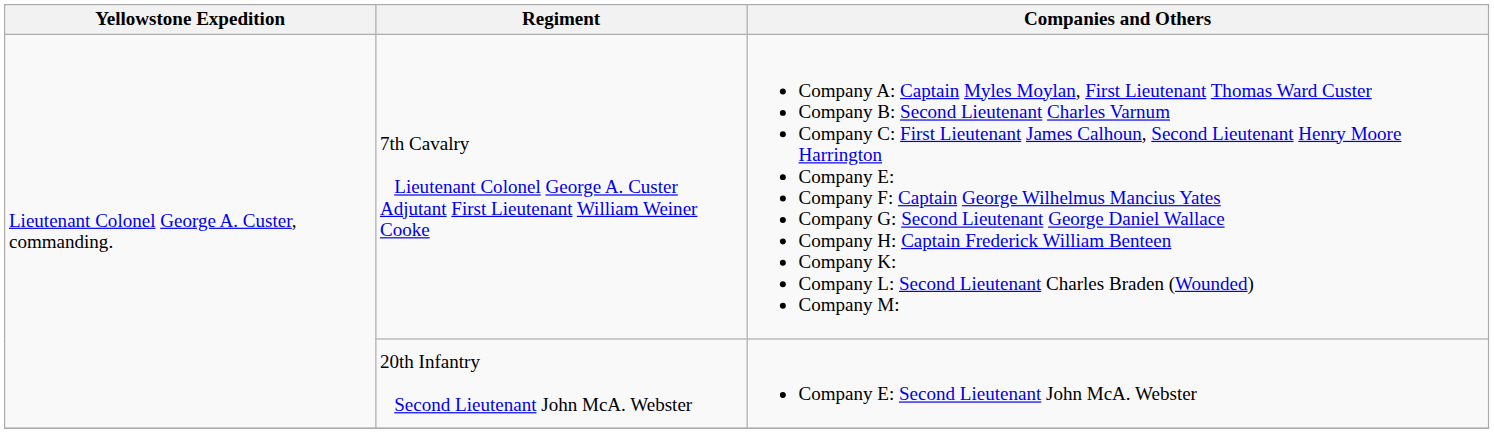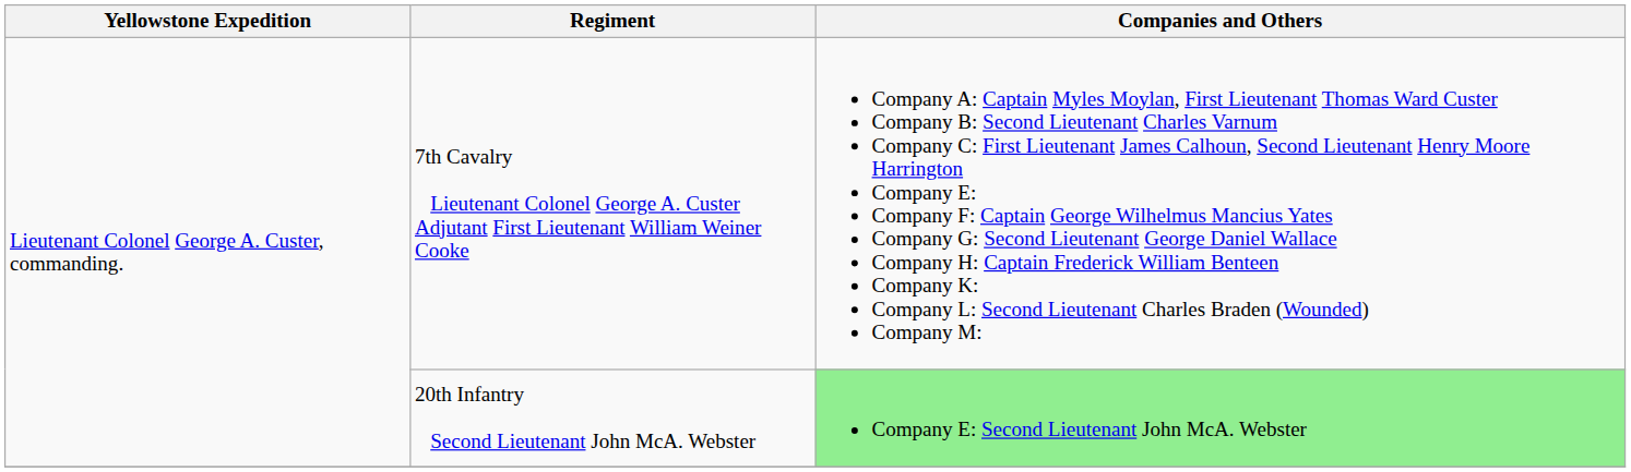 <table class="wikitable">
 <tr>
 <th width=25%>Yellowstone Expedition</th>
 <th width=25%>Regiment</th>
 <th>Companies and Others</th>
 </tr>
 <tr>
 <td rowspan=2><br><a href='#'>Lieutenant Colonel</a> <a href='#'>George A. Custer</a>, commanding.<br>    </td>
 <td>7th Cavalry<br><br>   <a href='#'>Lieutenant Colonel</a> <a href='#'>George A. Custer</a><br><a href='#'>Adjutant</a>  <a href='#'>First Lieutenant</a> <a href='#'>William Weiner Cooke</a></td>
 <td><br><ul><li>Company A: <a href='#'>Captain</a> <a href='#'>Myles Moylan</a>, <a href='#'>First Lieutenant</a> <a href='#'>Thomas Ward Custer</a></li><li>Company B: <a href='#'>Second Lieutenant</a> <a href='#'>Charles Varnum</a></li><li>Company C: <a href='#'>First Lieutenant</a> <a href='#'>James Calhoun</a>, <a href='#'>Second Lieutenant</a> <a href='#'>Henry Moore Harrington</a></li><li>Company E:</li><li>Company F: <a href='#'>Captain</a> <a href='#'>George Wilhelmus Mancius Yates</a></li><li>Company G: <a href='#'>Second Lieutenant</a> <a href='#'>George Daniel Wallace</a></li><li>Company H: <a href='#'>Captain Frederick William Benteen</a></li><li>Company K:</li><li>Company L: <a href='#'>Second Lieutenant</a> Charles Braden (<a href='#'>Wounded</a>)</li><li>Company M:</li></ul></td>
 </tr>
 <tr>
 <td>20th Infantry<br><br>   <a href='#'>Second Lieutenant</a> John McA. Webster</td>
-<td><br><ul><li>Company E: <a href='#'>Second Lieutenant</a> John McA. Webster</li></ul></td>
+<td style="background: lightgreen;"><br><ul><li>Company E: <a href='#'>Second Lieutenant</a> John McA. Webster</li></ul></td>
 </tr>
 <tr>
 </tr>
 </table>
